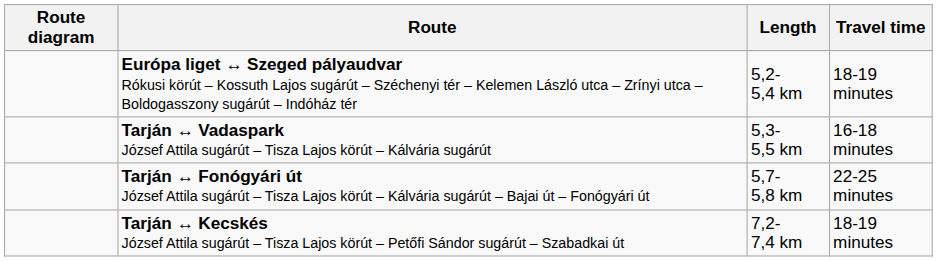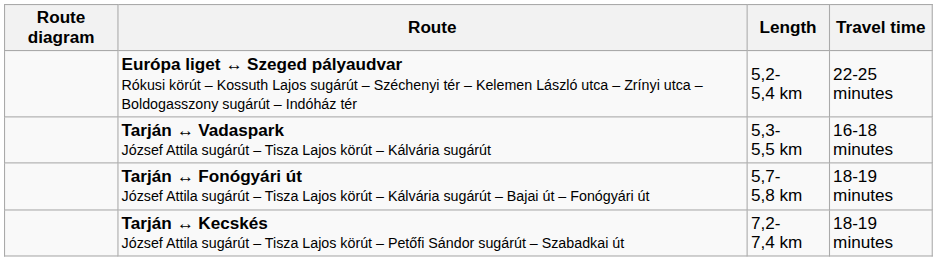 <table class="wikitable">
 <tr>
 <th>Route diagram</th>
 <th>Route</th>
 <th>Length</th>
 <th>Travel time</th>
 </tr>
 <tr>
 <td></td>
 <td><strong>Európa liget</strong> ↔ <strong>Szeged pályaudvar</strong><br><small>Rókusi körút – Kossuth Lajos sugárút – Széchenyi tér – Kelemen László utca – Zrínyi utca – Boldogasszony sugárút – Indóház tér</small></td>
 <td>5,2-5,4 km</td>
-<td>18-19 minutes</td>
+<td>22-25 minutes</td>
 </tr>
 <tr>
 <td></td>
 <td><strong>Tarján</strong> ↔ <strong>Vadaspark</strong><br><small>József Attila sugárút – Tisza Lajos körút – Kálvária sugárút</small></td>
 <td>5,3-5,5 km</td>
 <td>16-18 minutes</td>
 </tr>
 <tr>
 <td></td>
 <td><strong>Tarján</strong> ↔ <strong>Fonógyári út</strong><br><small>József Attila sugárút – Tisza Lajos körút – Kálvária sugárút – Bajai út – Fonógyári út</small></td>
 <td>5,7-5,8 km</td>
-<td>22-25 minutes</td>
+<td>18-19 minutes</td>
 </tr>
 <tr>
 <td></td>
 <td><strong>Tarján</strong> ↔ <strong>Kecskés</strong><br><small>József Attila sugárút – Tisza Lajos körút – Petőfi Sándor sugárút – Szabadkai út</small></td>
 <td>7,2-7,4 km</td>
 <td>18-19 minutes</td>
 </tr>
 </table>
